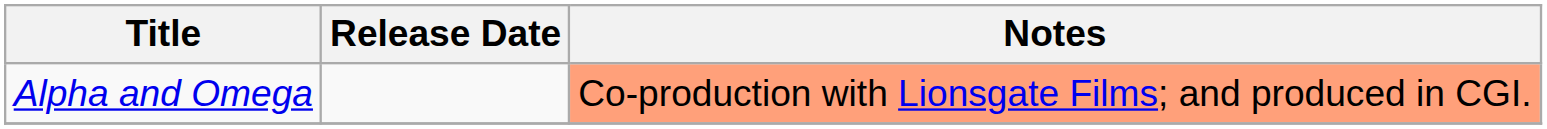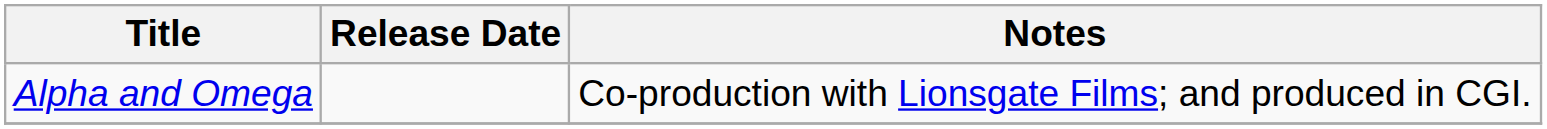 <table class="wikitable sortable">
 <tr>
 <th>Title</th>
 <th>Release Date</th>
 <th>Notes</th>
 </tr>
 <tr>
 <td><em><a href='#'>Alpha and Omega</a></em></td>
 <td></td>
-<td style="background: lightsalmon;">Co-production with <a href='#'>Lionsgate Films</a>; and produced in CGI.</td>
+<td>Co-production with <a href='#'>Lionsgate Films</a>; and produced in CGI.</td>
 </tr>
 <tr>
 </tr>
 </table>
